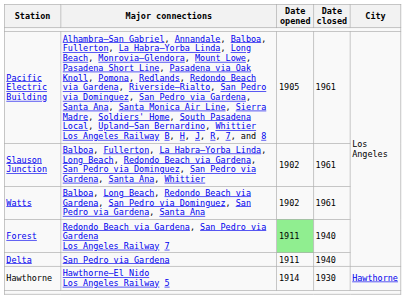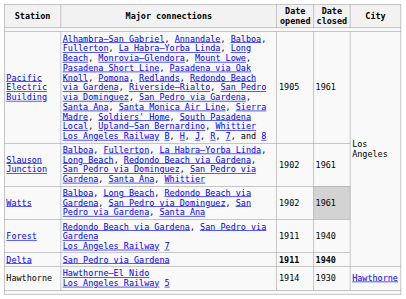 <table class="wikitable">
 <tr>
 <th>Station</th>
 <th>Major connections</th>
 <th>Date opened</th>
 <th>Date closed</th>
 <th>City</th>
 </tr>
 <tr>
 <td colspan = "5"></td>
 </tr>
 <tr>
 <td><a href='#'>Pacific Electric Building</a></td>
 <td><a href='#'>Alhambra–San Gabriel</a>, <a href='#'>Annandale</a>, <a href='#'>Balboa</a>, <a href='#'>Fullerton</a>, <a href='#'>La Habra–Yorba Linda</a>, <a href='#'>Long Beach</a>, <a href='#'>Monrovia–Glendora</a>, <a href='#'>Mount Lowe</a>, <a href='#'>Pasadena Short Line</a>, <a href='#'>Pasadena via Oak Knoll</a>, <a href='#'>Pomona</a>, <a href='#'>Redlands</a>, <a href='#'>Redondo Beach via Gardena</a>, <a href='#'>Riverside–Rialto</a>, <a href='#'>San Pedro via Dominguez</a>, <a href='#'>San Pedro via Gardena</a>, <a href='#'>Santa Ana</a>, <a href='#'>Santa Monica Air Line</a>, <a href='#'>Sierra Madre</a>, <a href='#'>Soldiers' Home</a>, <a href='#'>South Pasadena Local</a>, <a href='#'>Upland–San Bernardino</a>, <a href='#'>Whittier</a><br><a href='#'>Los Angeles Railway</a> <a href='#'>B</a>, <a href='#'>H</a>, <a href='#'>J</a>, <a href='#'>R</a>, <a href='#'>7</a>, and <a href='#'>8</a></td>
 <td>1905</td>
 <td>1961</td>
 <td rowspan=5>Los Angeles</td>
 </tr>
 <tr>
 <td><a href='#'>Slauson Junction</a></td>
 <td><a href='#'>Balboa</a>, <a href='#'>Fullerton</a>, <a href='#'>La Habra–Yorba Linda</a>, <a href='#'>Long Beach</a>, <a href='#'>Redondo Beach via Gardena</a>, <a href='#'>San Pedro via Dominguez</a>, <a href='#'>San Pedro via Gardena</a>, <a href='#'>Santa Ana</a>, <a href='#'>Whittier</a></td>
 <td>1902</td>
 <td>1961</td>
 </tr>
 <tr>
 <td><a href='#'>Watts</a></td>
 <td><a href='#'>Balboa</a>, <a href='#'>Long Beach</a>, <a href='#'>Redondo Beach via Gardena</a>, <a href='#'>San Pedro via Dominguez</a>, <a href='#'>San Pedro via Gardena</a>, <a href='#'>Santa Ana</a></td>
 <td>1902</td>
-<td>1961</td>
+<td style="background: lightgrey;">1961</td>
 </tr>
 <tr>
 <td><a href='#'>Forest</a></td>
 <td><a href='#'>Redondo Beach via Gardena</a>, <a href='#'>San Pedro via Gardena</a><br><a href='#'>Los Angeles Railway</a> <a href='#'>7</a></td>
-<td style="background: lightgreen;">1911</td>
+<td>1911</td>
 <td>1940</td>
 </tr>
 <tr>
 <td><a href='#'>Delta</a></td>
 <td><a href='#'>San Pedro via Gardena</a></td>
-<td>1911</td>
-<td>1940</td>
+<td><strong>1911</strong></td>
+<td><strong>1940</strong></td>
 </tr>
 <tr>
 <td>Hawthorne</td>
 <td><a href='#'>Hawthorne–El Nido</a><br><a href='#'>Los Angeles Railway</a> <a href='#'>5</a></td>
 <td>1914</td>
 <td>1930</td>
 <td rowspan=1><a href='#'>Hawthorne</a></td>
 </tr>
 <tr>
 <td colspan = "5"></td>
 </tr>
 </table>
